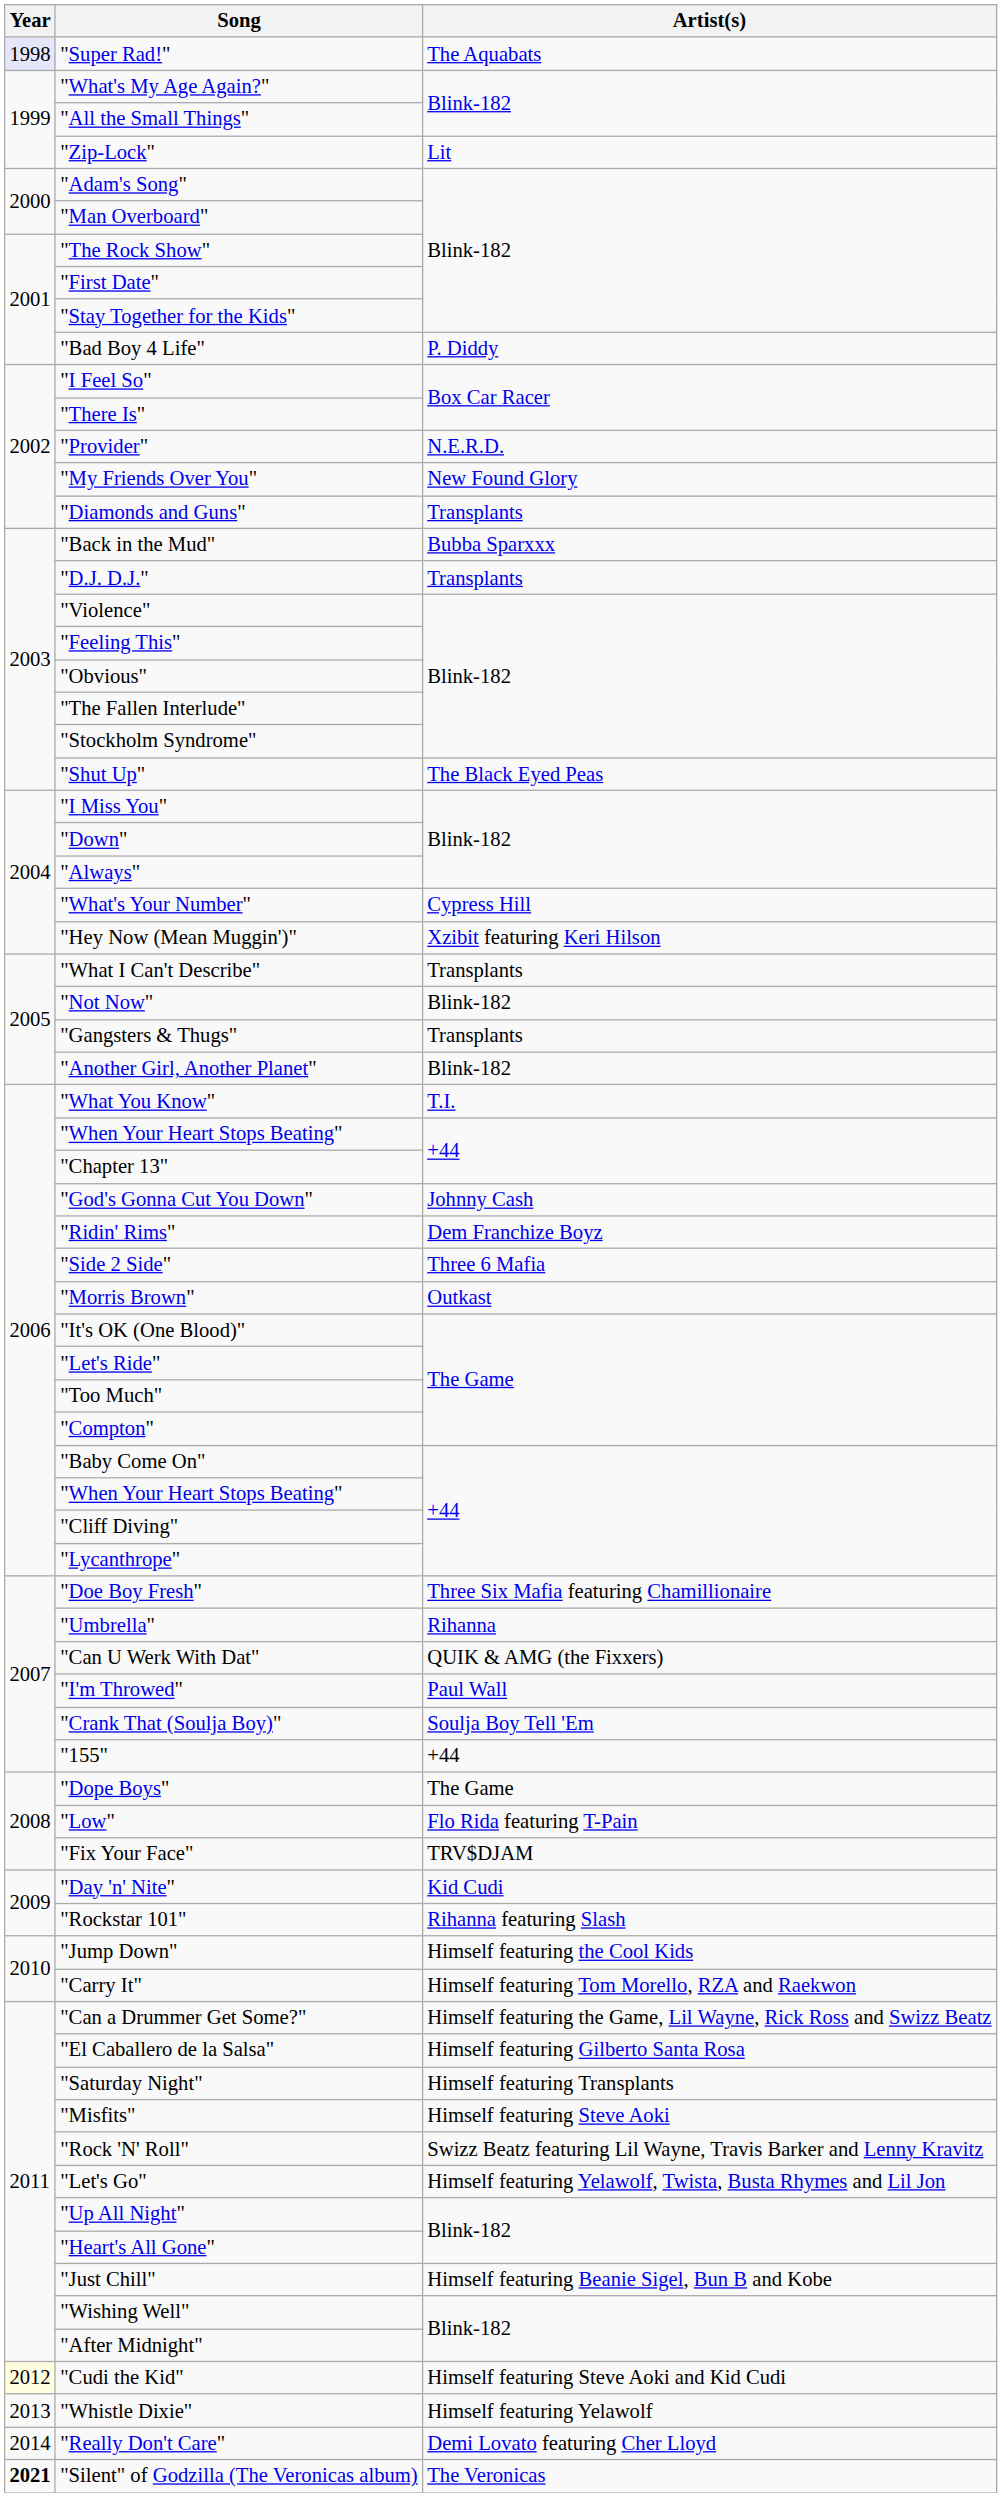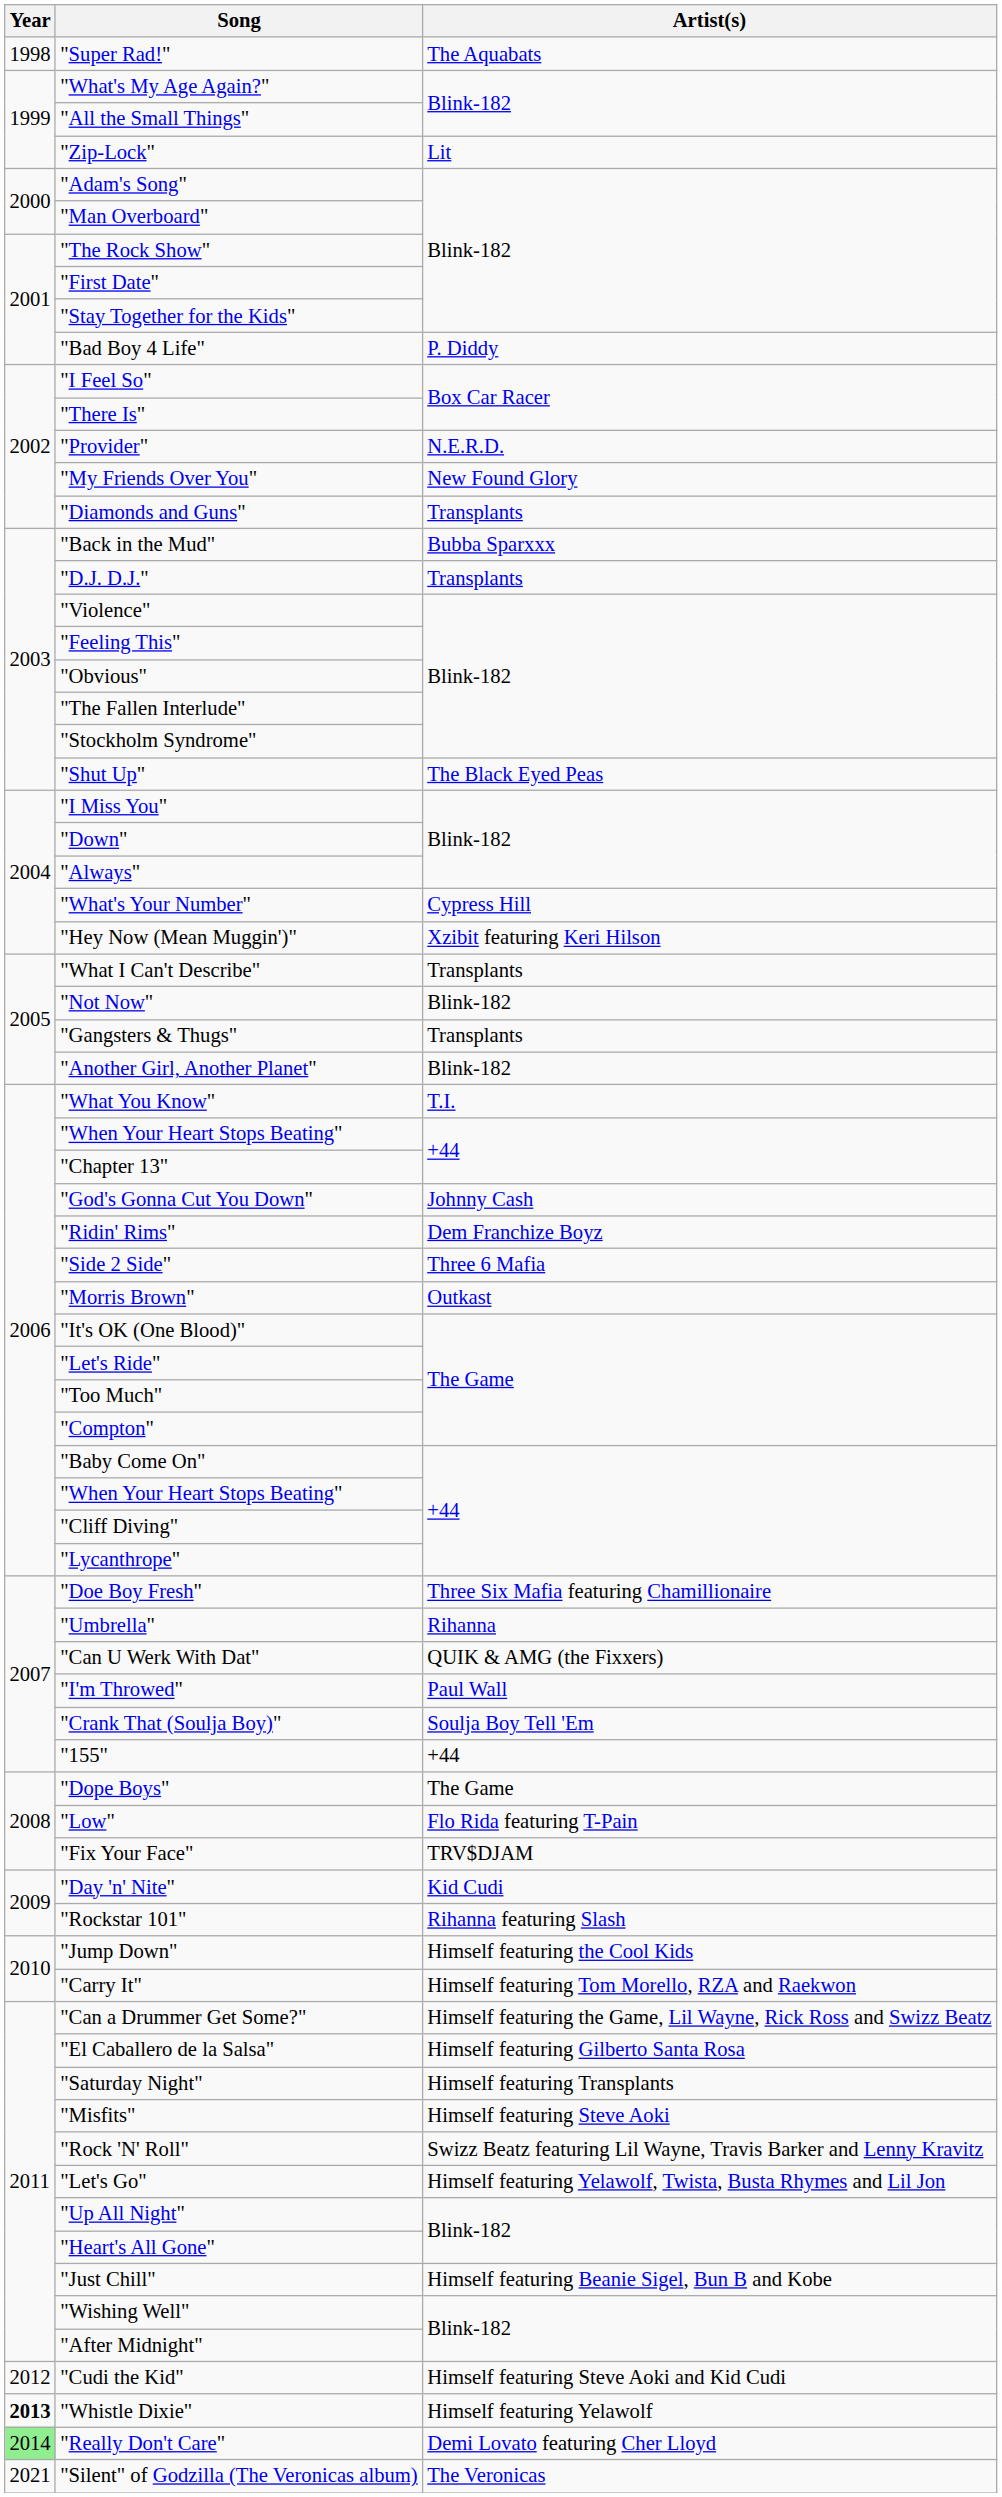 <table class="wikitable">
 <tr>
 <th>Year</th>
 <th>Song</th>
 <th>Artist(s)</th>
 </tr>
 <tr>
-<td style="background: lavender;">1998</td>
+<td>1998</td>
 <td>"<a href='#'>Super Rad!</a>"</td>
 <td><a href='#'>The Aquabats</a></td>
 </tr>
 <tr>
 <td rowspan="3">1999</td>
 <td>"<a href='#'>What's My Age Again?</a>"</td>
 <td rowspan="2"><a href='#'>Blink-182</a></td>
 </tr>
 <tr>
 <td>"<a href='#'>All the Small Things</a>"</td>
 </tr>
 <tr>
 <td>"<a href='#'>Zip-Lock</a>"</td>
 <td><a href='#'>Lit</a></td>
 </tr>
 <tr>
 <td rowspan="2">2000</td>
 <td>"<a href='#'>Adam's Song</a>"</td>
 <td rowspan="5">Blink-182</td>
 </tr>
 <tr>
 <td>"<a href='#'>Man Overboard</a>"</td>
 </tr>
 <tr>
 <td rowspan="4">2001</td>
 <td>"<a href='#'>The Rock Show</a>"</td>
 </tr>
 <tr>
 <td>"<a href='#'>First Date</a>"</td>
 </tr>
 <tr>
 <td>"<a href='#'>Stay Together for the Kids</a>"</td>
 </tr>
 <tr>
 <td>"Bad Boy 4 Life"</td>
 <td><a href='#'>P. Diddy</a></td>
 </tr>
 <tr>
 <td rowspan="5">2002</td>
 <td>"<a href='#'>I Feel So</a>"</td>
 <td rowspan="2"><a href='#'>Box Car Racer</a></td>
 </tr>
 <tr>
 <td>"<a href='#'>There Is</a>"</td>
 </tr>
 <tr>
 <td>"<a href='#'>Provider</a>"</td>
 <td><a href='#'>N.E.R.D.</a></td>
 </tr>
 <tr>
 <td>"<a href='#'>My Friends Over You</a>"</td>
 <td><a href='#'>New Found Glory</a></td>
 </tr>
 <tr>
 <td>"<a href='#'>Diamonds and Guns</a>"</td>
 <td><a href='#'>Transplants</a></td>
 </tr>
 <tr>
 <td rowspan="8">2003</td>
 <td>"Back in the Mud"</td>
 <td><a href='#'>Bubba Sparxxx</a></td>
 </tr>
 <tr>
 <td>"<a href='#'>D.J. D.J.</a>"</td>
 <td><a href='#'>Transplants</a></td>
 </tr>
 <tr>
 <td>"Violence"</td>
 <td rowspan="5">Blink-182</td>
 </tr>
 <tr>
 <td>"<a href='#'>Feeling This</a>"</td>
 </tr>
 <tr>
 <td>"Obvious"</td>
 </tr>
 <tr>
 <td>"The Fallen Interlude"</td>
 </tr>
 <tr>
 <td>"Stockholm Syndrome"</td>
 </tr>
 <tr>
 <td>"<a href='#'>Shut Up</a>"</td>
 <td><a href='#'>The Black Eyed Peas</a></td>
 </tr>
 <tr>
 <td rowspan="5">2004</td>
 <td>"<a href='#'>I Miss You</a>"</td>
 <td rowspan="3">Blink-182</td>
 </tr>
 <tr>
 <td>"<a href='#'>Down</a>"</td>
 </tr>
 <tr>
 <td>"<a href='#'>Always</a>"</td>
 </tr>
 <tr>
 <td>"<a href='#'>What's Your Number</a>"</td>
 <td><a href='#'>Cypress Hill</a></td>
 </tr>
 <tr>
 <td>"Hey Now (Mean Muggin')"</td>
 <td><a href='#'>Xzibit</a> featuring <a href='#'>Keri Hilson</a></td>
 </tr>
 <tr>
 <td rowspan="4">2005</td>
 <td>"What I Can't Describe"</td>
 <td>Transplants</td>
 </tr>
 <tr>
 <td>"<a href='#'>Not Now</a>"</td>
 <td>Blink-182</td>
 </tr>
 <tr>
 <td>"Gangsters & Thugs"</td>
 <td>Transplants</td>
 </tr>
 <tr>
 <td>"<a href='#'>Another Girl, Another Planet</a>"</td>
 <td>Blink-182</td>
 </tr>
 <tr>
 <td rowspan="15">2006</td>
 <td>"<a href='#'>What You Know</a>"</td>
 <td><a href='#'>T.I.</a></td>
 </tr>
 <tr>
 <td>"<a href='#'>When Your Heart Stops Beating</a>"</td>
 <td rowspan="2"><a href='#'>+44</a></td>
 </tr>
 <tr>
 <td>"Chapter 13"</td>
 </tr>
 <tr>
 <td>"<a href='#'>God's Gonna Cut You Down</a>"</td>
 <td><a href='#'>Johnny Cash</a></td>
 </tr>
 <tr>
 <td>"<a href='#'>Ridin' Rims</a>"</td>
 <td><a href='#'>Dem Franchize Boyz</a></td>
 </tr>
 <tr>
 <td>"<a href='#'>Side 2 Side</a>"</td>
 <td><a href='#'>Three 6 Mafia</a></td>
 </tr>
 <tr>
 <td>"<a href='#'>Morris Brown</a>"</td>
 <td><a href='#'>Outkast</a></td>
 </tr>
 <tr>
 <td>"It's OK (One Blood)"</td>
 <td rowspan="4"><a href='#'>The Game</a></td>
 </tr>
 <tr>
 <td>"<a href='#'>Let's Ride</a>"</td>
 </tr>
 <tr>
 <td>"Too Much"</td>
 </tr>
 <tr>
 <td>"<a href='#'>Compton</a>"</td>
 </tr>
 <tr>
 <td>"Baby Come On"</td>
 <td rowspan="4"><a href='#'>+44</a></td>
 </tr>
 <tr>
 <td>"<a href='#'>When Your Heart Stops Beating</a>"</td>
 </tr>
 <tr>
 <td>"Cliff Diving"</td>
 </tr>
 <tr>
 <td>"<a href='#'>Lycanthrope</a>"</td>
 </tr>
 <tr>
 <td rowspan="6">2007</td>
 <td>"<a href='#'>Doe Boy Fresh</a>"</td>
 <td><a href='#'>Three Six Mafia</a> featuring <a href='#'>Chamillionaire</a></td>
 </tr>
 <tr>
 <td>"<a href='#'>Umbrella</a>"</td>
 <td><a href='#'>Rihanna</a></td>
 </tr>
 <tr>
 <td>"Can U Werk With Dat"</td>
 <td>QUIK & AMG (the Fixxers)</td>
 </tr>
 <tr>
 <td>"<a href='#'>I'm Throwed</a>"</td>
 <td><a href='#'>Paul Wall</a></td>
 </tr>
 <tr>
 <td>"<a href='#'>Crank That (Soulja Boy)</a>"</td>
 <td><a href='#'>Soulja Boy Tell 'Em</a></td>
 </tr>
 <tr>
 <td>"155"</td>
 <td>+44</td>
 </tr>
 <tr>
 <td rowspan="3">2008</td>
 <td>"<a href='#'>Dope Boys</a>"</td>
 <td>The Game</td>
 </tr>
 <tr>
 <td>"<a href='#'>Low</a>"</td>
 <td><a href='#'>Flo Rida</a> featuring <a href='#'>T-Pain</a></td>
 </tr>
 <tr>
 <td>"Fix Your Face"</td>
 <td>TRV$DJAM</td>
 </tr>
 <tr>
 <td rowspan="2">2009</td>
 <td>"<a href='#'>Day 'n' Nite</a>"</td>
 <td><a href='#'>Kid Cudi</a></td>
 </tr>
 <tr>
 <td>"Rockstar 101"</td>
 <td><a href='#'>Rihanna</a> featuring <a href='#'>Slash</a></td>
 </tr>
 <tr>
 <td rowspan="2">2010</td>
 <td>"Jump Down"</td>
 <td>Himself featuring <a href='#'>the Cool Kids</a></td>
 </tr>
 <tr>
 <td>"Carry It"</td>
 <td>Himself featuring <a href='#'>Tom Morello</a>, <a href='#'>RZA</a> and <a href='#'>Raekwon</a></td>
 </tr>
 <tr>
 <td rowspan="11">2011</td>
 <td>"Can a Drummer Get Some?"</td>
 <td>Himself featuring the Game, <a href='#'>Lil Wayne</a>, <a href='#'>Rick Ross</a> and <a href='#'>Swizz Beatz</a></td>
 </tr>
 <tr>
 <td>"El Caballero de la Salsa"</td>
 <td>Himself featuring <a href='#'>Gilberto Santa Rosa</a></td>
 </tr>
 <tr>
 <td>"Saturday Night"</td>
 <td>Himself featuring Transplants</td>
 </tr>
 <tr>
 <td>"Misfits"</td>
 <td>Himself featuring <a href='#'>Steve Aoki</a></td>
 </tr>
 <tr>
 <td>"Rock 'N' Roll"</td>
 <td>Swizz Beatz featuring Lil Wayne, Travis Barker and <a href='#'>Lenny Kravitz</a></td>
 </tr>
 <tr>
 <td>"Let's Go"</td>
 <td>Himself featuring <a href='#'>Yelawolf</a>, <a href='#'>Twista</a>, <a href='#'>Busta Rhymes</a> and <a href='#'>Lil Jon</a></td>
 </tr>
 <tr>
 <td>"<a href='#'>Up All Night</a>"</td>
 <td rowspan="2">Blink-182</td>
 </tr>
 <tr>
 <td>"<a href='#'>Heart's All Gone</a>"</td>
 </tr>
 <tr>
 <td>"Just Chill"</td>
 <td>Himself featuring <a href='#'>Beanie Sigel</a>, <a href='#'>Bun B</a> and Kobe</td>
 </tr>
 <tr>
 <td>"Wishing Well"</td>
 <td rowspan="2">Blink-182</td>
 </tr>
 <tr>
 <td>"After Midnight"</td>
 </tr>
 <tr>
-<td style="background: lightyellow;">2012</td>
+<td>2012</td>
 <td>"Cudi the Kid"</td>
 <td>Himself featuring Steve Aoki and Kid Cudi</td>
 </tr>
 <tr>
-<td>2013</td>
+<td><strong>2013</strong></td>
 <td>"Whistle Dixie"</td>
 <td>Himself featuring Yelawolf</td>
 </tr>
 <tr>
-<td>2014</td>
+<td style="background: lightgreen;">2014</td>
 <td>"<a href='#'>Really Don't Care</a>"</td>
 <td><a href='#'>Demi Lovato</a> featuring <a href='#'>Cher Lloyd</a></td>
 </tr>
 <tr>
-<td><strong>2021</strong></td>
+<td>2021</td>
 <td>"Silent" of <a href='#'>Godzilla (The Veronicas album)</a></td>
 <td><a href='#'>The Veronicas</a></td>
 </tr>
 </table>
